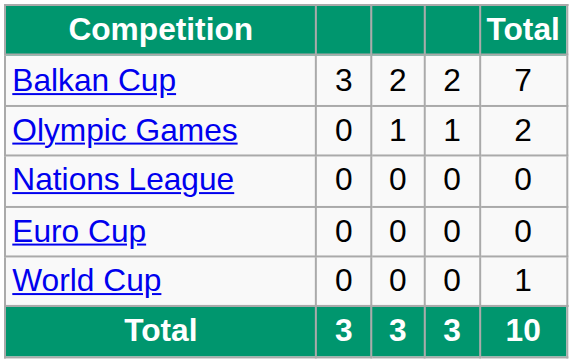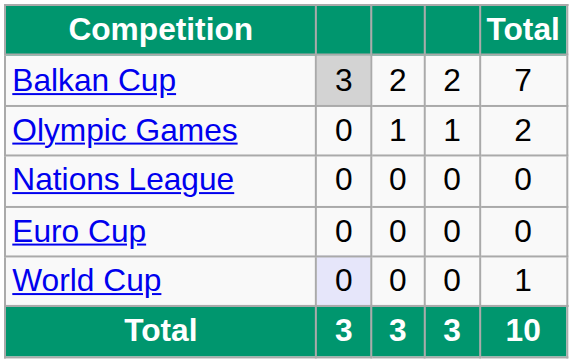 <table class="wikitable" style="text-align:center;">
 <tr>
 </tr>
 <tr style="color:white;">
 <th style="width:150px; background:#00966E; color:white;">Competition</th>
 <th style="width:20px; background:#00966E; color:white;"></th>
 <th style="width:20px; background:#00966E; color:white;"></th>
 <th style="width:20px; background:#00966E; color:white;"></th>
 <th style="width:20px; background:#00966E; color:white;">Total</th>
 </tr>
 <tr>
 <td align="left"> <a href='#'>Balkan Cup</a></td>
-<td>3</td>
+<td style="background: lightgrey;">3</td>
 <td>2</td>
 <td>2</td>
 <td>7</td>
 </tr>
 <tr>
 <td align="left"> <a href='#'>Olympic Games</a></td>
 <td>0</td>
 <td>1</td>
 <td>1</td>
 <td>2</td>
 </tr>
 <tr>
 <td align="left"> <a href='#'> Nations League</a></td>
 <td>0</td>
 <td>0</td>
 <td>0</td>
 <td>0</td>
 </tr>
 <tr>
 <td align="left"> <a href='#'> Euro Cup</a></td>
 <td>0</td>
 <td>0</td>
 <td>0</td>
 <td>0</td>
 </tr>
 <tr>
 <td align="left"> <a href='#'>World Cup</a></td>
-<td>0</td>
+<td style="background: lavender;">0</td>
 <td>0</td>
 <td>0</td>
 <td>1</td>
 </tr>
 <tr>
 </tr>
 <tr style="color:white;">
 <th style="background:#00966E; color:white;">Total</th>
 <th style="background:#00966E; color:white;">3</th>
 <th style="background:#00966E; color:white;">3</th>
 <th style="background:#00966E; color:white;">3</th>
 <th style="background:#00966E; color:white;">10</th>
 </tr>
 </table>
